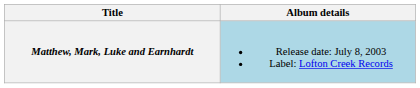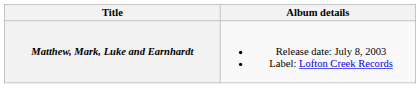 <table class="wikitable plainrowheaders" style="text-align:center;">
 <tr>
 <th style="width:20em;">Title</th>
 <th style="width:18em;">Album details</th>
 </tr>
 <tr>
 <th scope="row"><em>Matthew, Mark, Luke and Earnhardt</em></th>
-<td style="background: lightblue;"><br><ul><li>Release date: July 8, 2003</li><li>Label: <a href='#'>Lofton Creek Records</a></li></ul></td>
+<td><br><ul><li>Release date: July 8, 2003</li><li>Label: <a href='#'>Lofton Creek Records</a></li></ul></td>
 </tr>
 </table>
